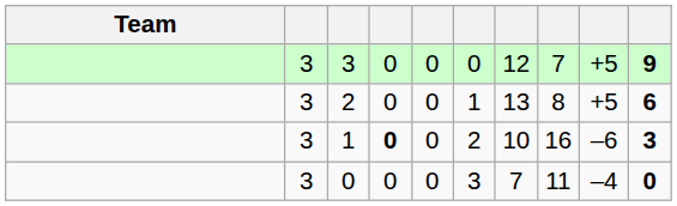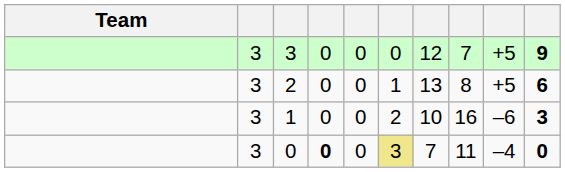 <table class="wikitable" style="text-align: center;">
 <tr>
 <th style="width:175px;">Team</th>
 <th width="20"></th>
 <th width="20"></th>
 <th width="20"></th>
 <th width="20"></th>
 <th width="20"></th>
 <th width="20"></th>
 <th width="20"></th>
 <th width="25"></th>
 <th width="20"></th>
 </tr>
 <tr style="background:#ccffcc;">
 <td align=left></td>
 <td>3</td>
 <td>3</td>
 <td>0</td>
 <td>0</td>
 <td>0</td>
 <td>12</td>
 <td>7</td>
 <td>+5</td>
 <td><strong>9</strong></td>
 </tr>
 <tr>
 <td align=left></td>
 <td>3</td>
 <td>2</td>
 <td>0</td>
 <td>0</td>
 <td>1</td>
 <td>13</td>
 <td>8</td>
 <td>+5</td>
 <td><strong>6</strong></td>
 </tr>
 <tr>
 <td align=left></td>
 <td>3</td>
 <td>1</td>
-<td><strong>0</strong></td>
+<td>0</td>
 <td>0</td>
 <td>2</td>
 <td>10</td>
 <td>16</td>
 <td>–6</td>
 <td><strong>3</strong></td>
 </tr>
 <tr>
 <td align=left></td>
 <td>3</td>
 <td>0</td>
+<td><strong>0</strong></td>
 <td>0</td>
-<td>0</td>
-<td>3</td>
+<td style="background: khaki;">3</td>
 <td>7</td>
 <td>11</td>
 <td>–4</td>
 <td><strong>0</strong></td>
 </tr>
 </table>
